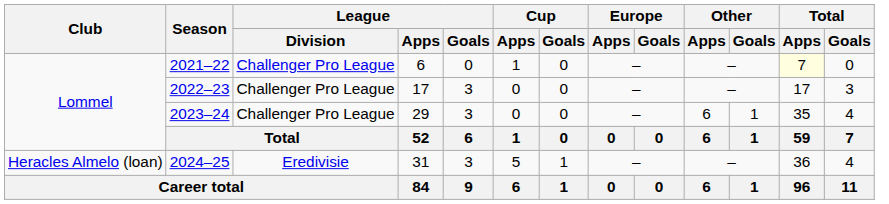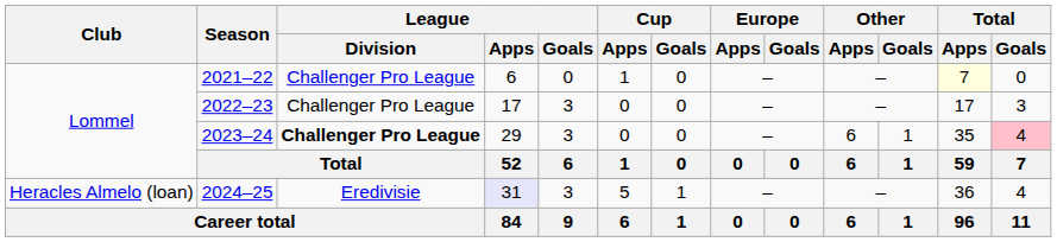 <table class="wikitable" style="text-align:center">
 <tr>
 <th rowspan="2">Club</th>
 <th rowspan="2">Season</th>
 <th colspan="3">League</th>
 <th colspan="2">Cup</th>
 <th colspan="2">Europe</th>
 <th colspan="2">Other</th>
 <th colspan="2">Total</th>
 </tr>
 <tr>
 <th>Division</th>
 <th>Apps</th>
 <th>Goals</th>
 <th>Apps</th>
 <th>Goals</th>
 <th>Apps</th>
 <th>Goals</th>
 <th>Apps</th>
 <th>Goals</th>
 <th>Apps</th>
 <th>Goals</th>
 </tr>
 <tr>
 <td rowspan="4"><a href='#'>Lommel</a></td>
 <td><a href='#'>2021–22</a></td>
 <td><a href='#'>Challenger Pro League</a></td>
 <td>6</td>
 <td>0</td>
 <td>1</td>
 <td>0</td>
 <td colspan="2">–</td>
 <td colspan="2">–</td>
 <td style="background: lightyellow;">7</td>
 <td>0</td>
 </tr>
 <tr>
 <td><a href='#'>2022–23</a></td>
 <td>Challenger Pro League</td>
 <td>17</td>
 <td>3</td>
 <td>0</td>
 <td>0</td>
 <td colspan="2">–</td>
 <td colspan="2">–</td>
 <td>17</td>
 <td>3</td>
 </tr>
 <tr>
 <td><a href='#'>2023–24</a></td>
-<td>Challenger Pro League</td>
+<td><strong>Challenger Pro League</strong></td>
 <td>29</td>
 <td>3</td>
 <td>0</td>
 <td>0</td>
 <td colspan="2">–</td>
 <td>6</td>
 <td>1</td>
 <td>35</td>
-<td>4</td>
+<td style="background: pink;">4</td>
 </tr>
 <tr>
 <th colspan="2">Total</th>
 <th>52</th>
 <th>6</th>
 <th>1</th>
 <th>0</th>
 <th>0</th>
 <th>0</th>
 <th>6</th>
 <th>1</th>
 <th>59</th>
 <th>7</th>
 </tr>
 <tr>
 <td><a href='#'>Heracles Almelo</a> (loan)</td>
 <td><a href='#'>2024–25</a></td>
 <td><a href='#'>Eredivisie</a></td>
-<td>31</td>
+<td style="background: lavender;">31</td>
 <td>3</td>
 <td>5</td>
 <td>1</td>
 <td colspan=2>–</td>
 <td colspan=2>–</td>
 <td>36</td>
 <td>4</td>
 </tr>
 <tr>
 <th colspan="3">Career total</th>
 <th>84</th>
 <th>9</th>
 <th>6</th>
 <th>1</th>
 <th>0</th>
 <th>0</th>
 <th>6</th>
 <th>1</th>
 <th>96</th>
 <th>11</th>
 </tr>
 </table>
